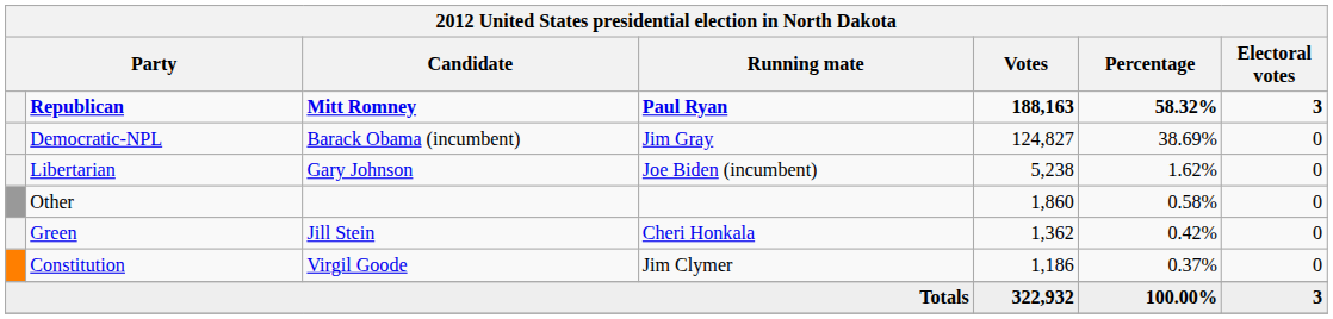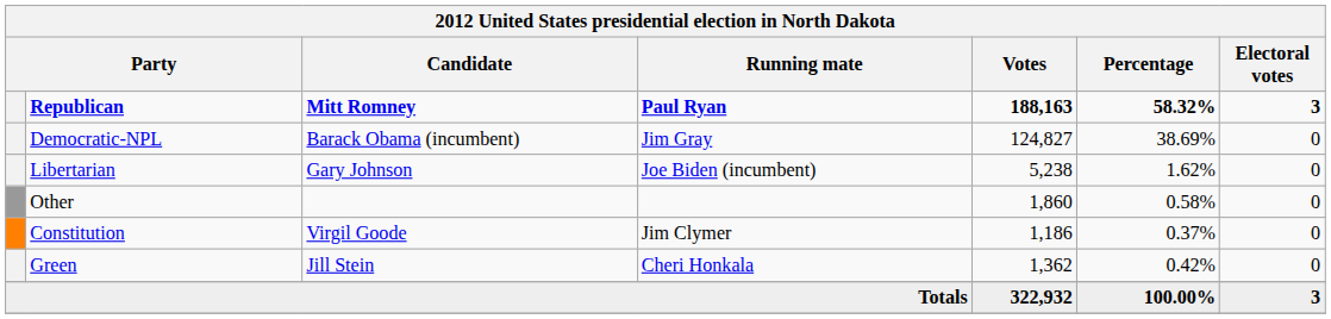 <table class="wikitable" style="font-size: 95%;">
 <tr>
 <th colspan="7">2012 United States presidential election in North Dakota</th>
 </tr>
 <tr>
 <th colspan="2" style="width: 15em">Party</th>
 <th style="width: 17em">Candidate</th>
 <th style="width: 17em">Running mate</th>
 <th style="width: 5em">Votes</th>
 <th style="width: 7em">Percentage</th>
 <th style="width: 5em">Electoral votes</th>
 </tr>
 <tr>
 <th style="background-color:"></th>
 <td style="width: 130px"><strong><a href='#'>Republican</a></strong></td>
 <td><strong><a href='#'>Mitt Romney</a></strong></td>
 <td><strong><a href='#'>Paul Ryan</a></strong></td>
 <td align="right"><strong>188,163</strong></td>
 <td align="right"><strong>58.32%</strong></td>
 <td align="right"><strong>3</strong></td>
 </tr>
 <tr>
 <th style="background-color:"></th>
 <td style="width: 130px"><a href='#'>Democratic-NPL</a></td>
 <td><a href='#'>Barack Obama</a> (incumbent)</td>
 <td><a href='#'>Jim Gray</a></td>
 <td align="right">124,827</td>
 <td align="right">38.69%</td>
 <td align="right">0</td>
 </tr>
 <tr>
 <th style="background-color:"></th>
 <td style="width: 130px"><a href='#'>Libertarian</a></td>
 <td><a href='#'>Gary Johnson</a></td>
 <td><a href='#'>Joe Biden</a> (incumbent)</td>
 <td align="right">5,238</td>
 <td align="right">1.62%</td>
 <td align="right">0</td>
 </tr>
 <tr>
 <th style="background-color:#999999; width: 3px"></th>
 <td style="width: 130px">Other</td>
 <td></td>
 <td></td>
 <td align="right">1,860</td>
 <td align="right">0.58%</td>
 <td align="right">0</td>
 </tr>
 <tr>
+<th style="background-color:#FF7F00; width: 3px"></th>
+<td style="width: 130px"><a href='#'>Constitution</a></td>
+<td><a href='#'>Virgil Goode</a></td>
+<td>Jim Clymer</td>
+<td align="right">1,186</td>
+<td align="right">0.37%</td>
+<td align="right">0</td>
+</tr>
+<tr>
 <th style="background-color:"></th>
 <td style="width: 130px"><a href='#'>Green</a></td>
 <td><a href='#'>Jill Stein</a></td>
 <td><a href='#'>Cheri Honkala</a></td>
 <td align="right">1,362</td>
 <td align="right">0.42%</td>
-<td align="right">0</td>
-</tr>
-<tr>
-<th style="background-color:#FF7F00; width: 3px"></th>
-<td style="width: 130px"><a href='#'>Constitution</a></td>
-<td><a href='#'>Virgil Goode</a></td>
-<td>Jim Clymer</td>
-<td align="right">1,186</td>
-<td align="right">0.37%</td>
 <td align="right">0</td>
 </tr>
 <tr>
 </tr>
 <tr bgcolor="#EEEEEE">
 <td colspan="4" align="right"><strong>Totals</strong></td>
 <td align="right"><strong>322,932</strong></td>
 <td align="right"><strong>100.00%</strong></td>
 <td align="right"><strong>3</strong></td>
 </tr>
 <tr bgcolor="#EEEEEE">
 </tr>
 </table>
